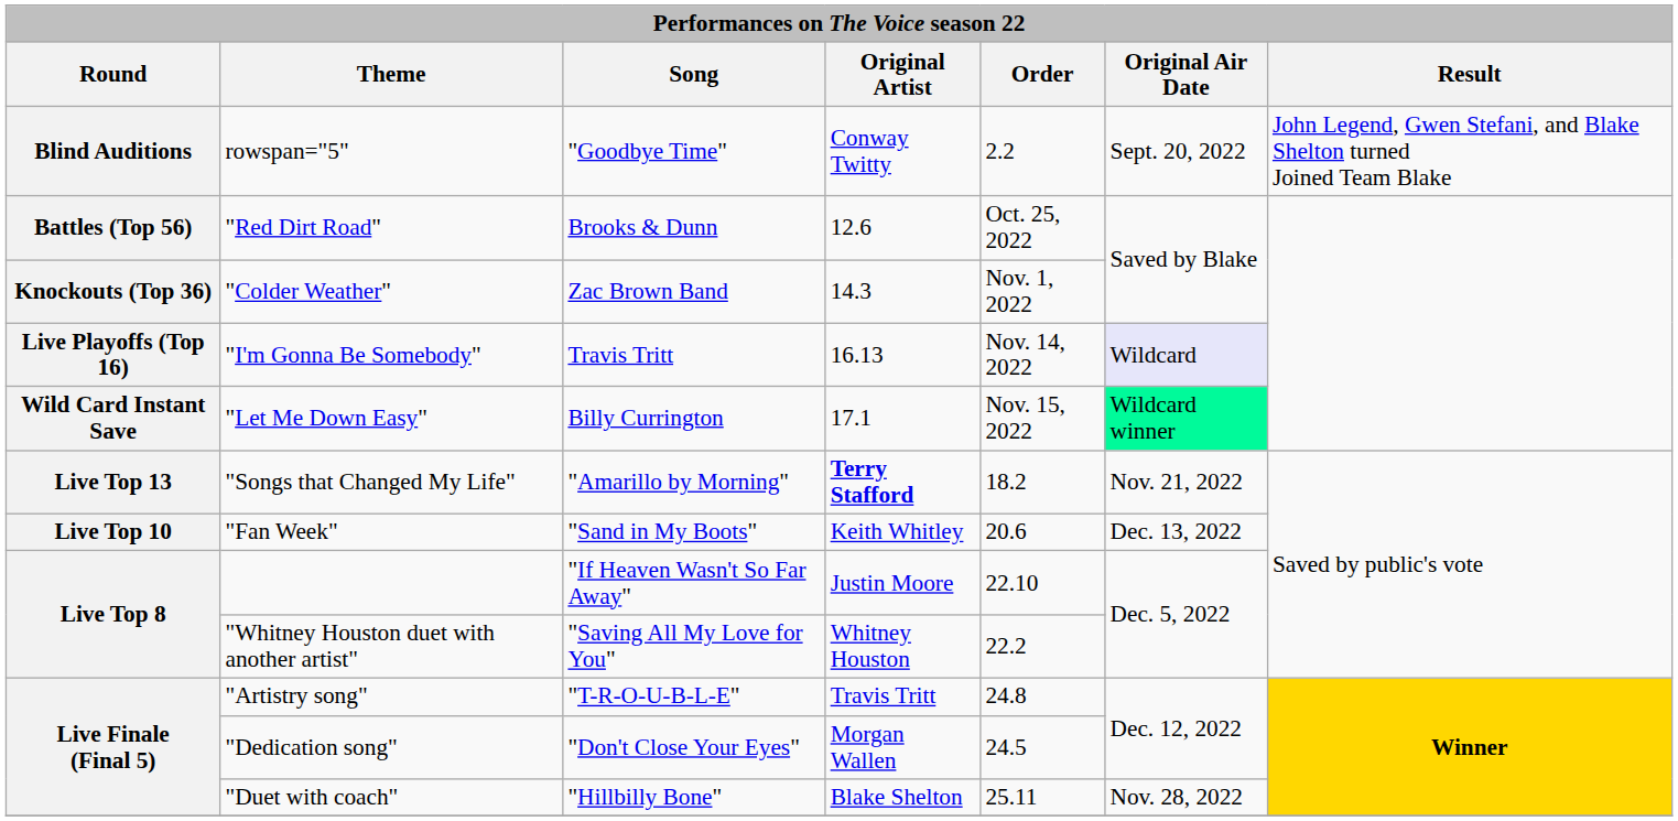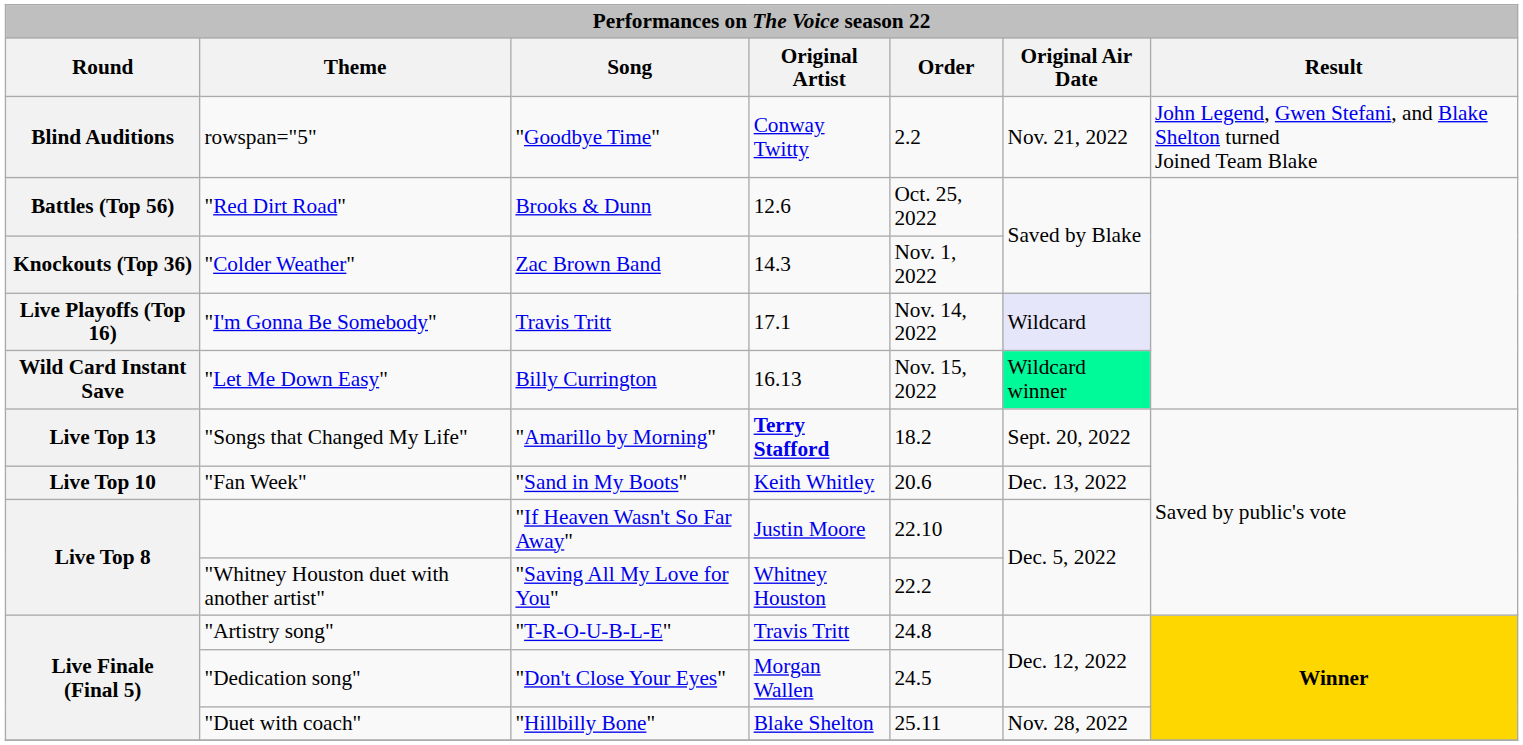 <table class="wikitable" style="width:90%; margin:1em auto 1em auto;">
 <tr>
 <th colspan="7" style="background:#BFBFBF;">Performances on <em>The Voice</em> season 22</th>
 </tr>
 <tr>
 <th>Round</th>
 <th>Theme</th>
 <th>Song</th>
 <th>Original Artist</th>
 <th>Order</th>
 <th>Original Air Date</th>
 <th>Result</th>
 </tr>
 <tr>
 <th scope="row">Blind Auditions</th>
 <td>rowspan="5"</td>
 <td>"<a href='#'>Goodbye Time</a>"</td>
 <td><a href='#'>Conway Twitty</a></td>
 <td>2.2</td>
-<td>Sept. 20, 2022</td>
+<td>Nov. 21, 2022</td>
 <td><a href='#'>John Legend</a>, <a href='#'>Gwen Stefani</a>, and <a href='#'>Blake Shelton</a> turned<br>Joined Team Blake</td>
 </tr>
 <tr>
 <th scope="row">Battles (Top 56)</th>
 <td>"<a href='#'>Red Dirt Road</a>" </td>
 <td><a href='#'>Brooks & Dunn</a></td>
 <td>12.6</td>
 <td>Oct. 25, 2022</td>
 <td rowspan=2>Saved by Blake</td>
 </tr>
 <tr>
 <th scope="row">Knockouts (Top 36)</th>
 <td>"<a href='#'>Colder Weather</a>" </td>
 <td><a href='#'>Zac Brown Band</a></td>
 <td>14.3</td>
 <td>Nov. 1, 2022</td>
 </tr>
 <tr>
 <th scope="row">Live Playoffs (Top 16)</th>
 <td>"<a href='#'>I'm Gonna Be Somebody</a>"</td>
 <td><a href='#'>Travis Tritt</a></td>
-<td>16.13</td>
+<td>17.1</td>
 <td>Nov. 14, 2022</td>
 <td style="background:lavender">Wildcard</td>
 </tr>
 <tr>
 <th scope="row">Wild Card Instant Save</th>
 <td>"<a href='#'>Let Me Down Easy</a>"</td>
 <td><a href='#'>Billy Currington</a></td>
-<td>17.1</td>
+<td>16.13</td>
 <td>Nov. 15, 2022</td>
 <td style="background:#00fa9a">Wildcard winner</td>
 </tr>
 <tr>
 <th scope="row">Live Top 13</th>
 <td>"Songs that Changed My Life"</td>
 <td>"<a href='#'>Amarillo by Morning</a>"</td>
 <td><strong><a href='#'>Terry Stafford</a></strong></td>
 <td>18.2</td>
-<td>Nov. 21, 2022</td>
+<td>Sept. 20, 2022</td>
 <td rowspan=4>Saved by public's vote</td>
 </tr>
 <tr>
 <th scope="row">Live Top 10</th>
 <td>"Fan Week"</td>
 <td>"<a href='#'>Sand in My Boots</a>"</td>
 <td><a href='#'>Keith Whitley</a></td>
 <td>20.6</td>
 <td>Dec. 13, 2022</td>
 </tr>
 <tr>
 <th rowspan=2>Live Top 8</th>
 <td></td>
 <td>"<a href='#'>If Heaven Wasn't So Far Away</a>"</td>
 <td><a href='#'>Justin Moore</a></td>
 <td>22.10</td>
 <td rowspan=2>Dec. 5, 2022</td>
 </tr>
 <tr>
 <td>"Whitney Houston duet with another artist"</td>
 <td>"<a href='#'>Saving All My Love for You</a>" </td>
 <td><a href='#'>Whitney Houston</a></td>
 <td>22.2</td>
 </tr>
 <tr>
 <th rowspan=3>Live Finale<br>(Final 5)</th>
 <td>"Artistry song"</td>
 <td>"<a href='#'>T-R-O-U-B-L-E</a>"</td>
 <td><a href='#'>Travis Tritt</a></td>
 <td>24.8</td>
 <td rowspan=2>Dec. 12, 2022</td>
 <th rowspan=3 style="background:gold;">Winner</th>
 </tr>
 <tr>
 <td>"Dedication song"</td>
 <td>"<a href='#'>Don't Close Your Eyes</a>"</td>
 <td><a href='#'>Morgan Wallen</a></td>
 <td>24.5</td>
 </tr>
 <tr>
 <td>"Duet with coach"</td>
 <td>"<a href='#'>Hillbilly Bone</a>" </td>
 <td><a href='#'>Blake Shelton</a></td>
 <td>25.11</td>
 <td>Nov. 28, 2022</td>
 </tr>
 <tr>
 </tr>
 </table>
